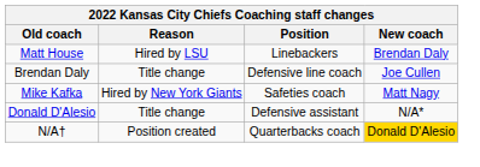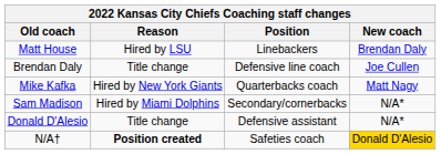 <table class="wikitable" style="text-align:center">
 <tr>
 <th colspan=4>2022 Kansas City Chiefs Coaching staff changes</th>
 </tr>
 <tr>
 <th>Old coach</th>
 <th>Reason</th>
 <th>Position</th>
 <th>New coach</th>
 </tr>
 <tr>
 <td><a href='#'>Matt House</a></td>
 <td>Hired by <a href='#'>LSU</a></td>
 <td>Linebackers</td>
 <td><a href='#'>Brendan Daly</a></td>
 </tr>
 <tr>
 <td>Brendan Daly</td>
 <td>Title change</td>
 <td>Defensive line coach</td>
 <td><a href='#'>Joe Cullen</a></td>
 </tr>
 <tr>
 <td><a href='#'>Mike Kafka</a></td>
 <td>Hired by <a href='#'>New York Giants</a></td>
-<td>Safeties coach</td>
+<td>Quarterbacks coach</td>
 <td><a href='#'>Matt Nagy</a></td>
+</tr>
+<tr>
+<td><a href='#'>Sam Madison</a></td>
+<td>Hired by <a href='#'>Miami Dolphins</a></td>
+<td>Secondary/cornerbacks</td>
+<td>N/A*</td>
 </tr>
 <tr>
 <td><a href='#'>Donald D'Alesio</a></td>
 <td>Title change</td>
 <td>Defensive assistant</td>
 <td>N/A*</td>
 </tr>
 <tr>
 <td>N/A†</td>
-<td>Position created</td>
-<td>Quarterbacks coach</td>
+<td><strong>Position created</strong></td>
+<td>Safeties coach</td>
 <td style="background: gold;">Donald D'Alesio</td>
 </tr>
 </table>
